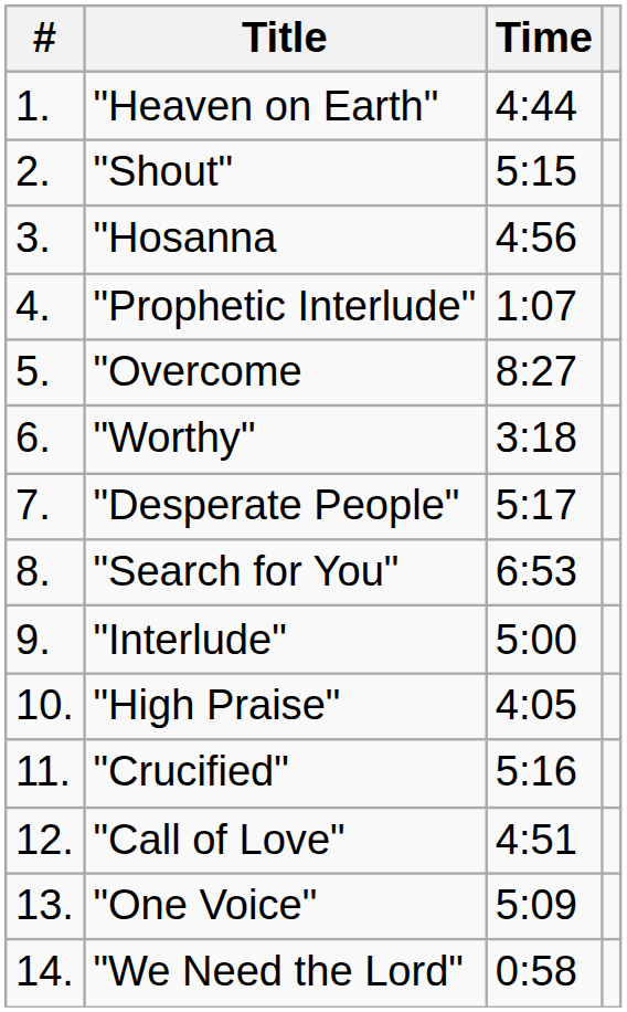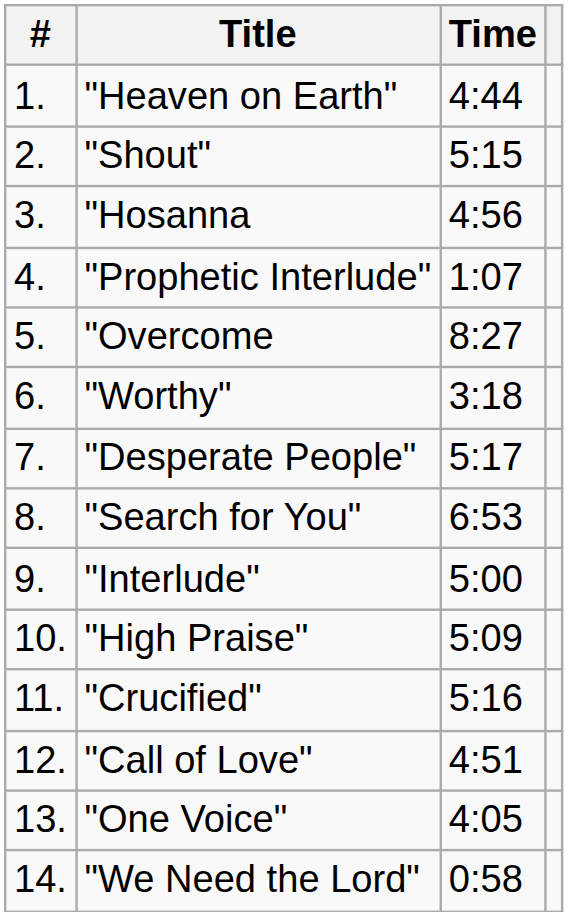 <table class="wikitable">
 <tr>
 <th>#</th>
 <th>Title</th>
 <th>Time</th>
 <th></th>
 </tr>
 <tr>
 <td>1.</td>
 <td>"Heaven on Earth"</td>
 <td>4:44</td>
 <td></td>
 </tr>
 <tr>
 <td>2.</td>
 <td>"Shout"</td>
 <td>5:15</td>
 <td></td>
 </tr>
 <tr>
 <td>3.</td>
 <td>"Hosanna</td>
 <td>4:56</td>
 <td></td>
 </tr>
 <tr>
 <td>4.</td>
 <td>"Prophetic Interlude"</td>
 <td>1:07</td>
 <td></td>
 </tr>
 <tr>
 <td>5.</td>
 <td>"Overcome</td>
 <td>8:27</td>
 <td></td>
 </tr>
 <tr>
 <td>6.</td>
 <td>"Worthy"</td>
 <td>3:18</td>
 <td></td>
 </tr>
 <tr>
 <td>7.</td>
 <td>"Desperate People"</td>
 <td>5:17</td>
 <td></td>
 </tr>
 <tr>
 <td>8.</td>
 <td>"Search for You"</td>
 <td>6:53</td>
 <td></td>
 </tr>
 <tr>
 <td>9.</td>
 <td>"Interlude"</td>
 <td>5:00</td>
 <td></td>
 </tr>
 <tr>
 <td>10.</td>
 <td>"High Praise"</td>
-<td>4:05</td>
+<td>5:09</td>
 <td></td>
 </tr>
 <tr>
 <td>11.</td>
 <td>"Crucified"</td>
 <td>5:16</td>
 <td></td>
 </tr>
 <tr>
 <td>12.</td>
 <td>"Call of Love"</td>
 <td>4:51</td>
 <td></td>
 </tr>
 <tr>
 <td>13.</td>
 <td>"One Voice"</td>
-<td>5:09</td>
+<td>4:05</td>
 <td></td>
 </tr>
 <tr>
 <td>14.</td>
 <td>"We Need the Lord"</td>
 <td>0:58</td>
 <td></td>
 </tr>
 <tr>
 </tr>
 </table>
